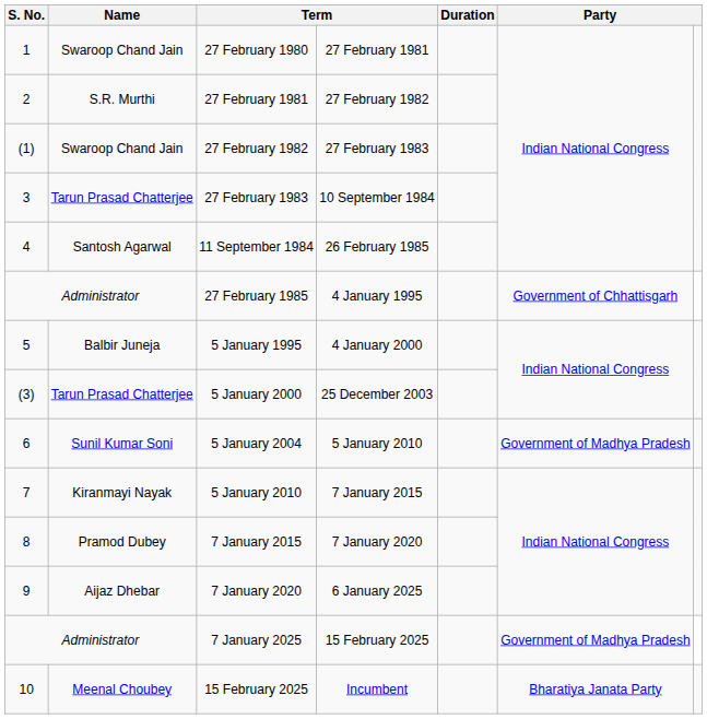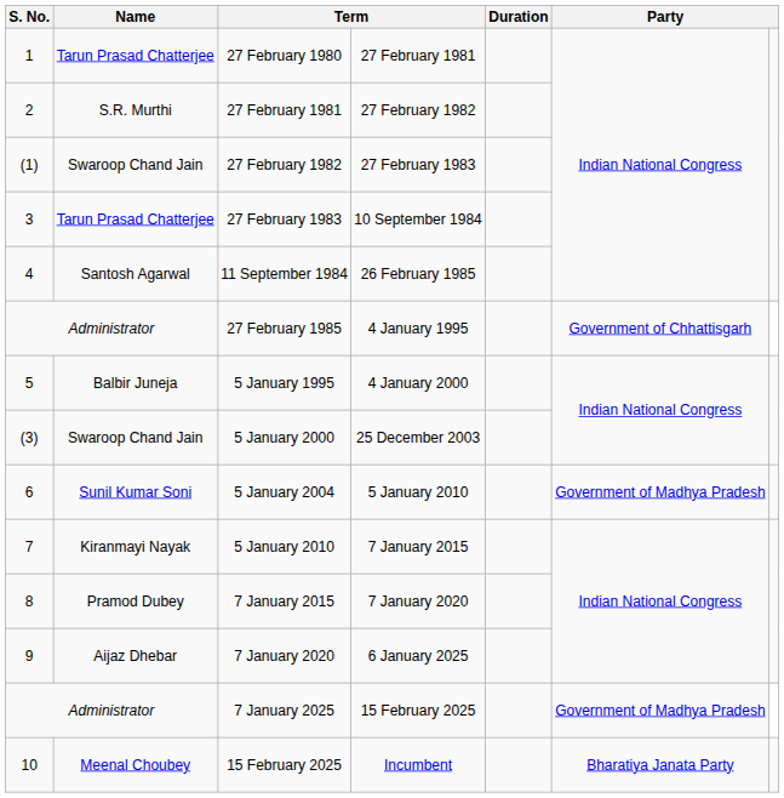 <table class="wikitable sortable">
 <tr>
 <th scope="col">S. No.</th>
 <th colspan=1>Name</th>
 <th colspan=2>Term</th>
 <th colspan=1>Duration</th>
 <th colspan=2>Party</th>
 </tr>
 <tr style="text-align:center; height:60px;">
 <td>1</td>
-<td>Swaroop Chand Jain</td>
+<td><a href='#'>Tarun Prasad Chatterjee</a></td>
 <td>27 February 1980</td>
 <td>27 February 1981</td>
 <td></td>
 <td rowspan=5><a href='#'>Indian National Congress</a></td>
 <td rowspan=5 width="4px" style="background-color: "></td>
 </tr>
 <tr style="text-align:center; height:60px;">
 <td>2</td>
 <td>S.R. Murthi</td>
 <td>27 February 1981</td>
 <td>27 February 1982</td>
 <td></td>
 </tr>
 <tr style="text-align:center; height:60px;">
 <td>(1)</td>
 <td>Swaroop Chand Jain</td>
 <td>27 February 1982</td>
 <td>27 February 1983</td>
 <td></td>
 </tr>
 <tr style="text-align:center; height:60px;">
 <td>3</td>
 <td><a href='#'>Tarun Prasad Chatterjee</a></td>
 <td>27 February 1983</td>
 <td>10 September 1984</td>
 <td></td>
 </tr>
 <tr style="text-align:center; height:60px;">
 <td>4</td>
 <td>Santosh Agarwal</td>
 <td>11 September 1984</td>
 <td>26 February 1985</td>
 <td></td>
 </tr>
 <tr style="text-align:center; height:60px;">
 <td colspan=2><em>Administrator</em></td>
 <td>27 February 1985</td>
 <td>4 January 1995</td>
 <td></td>
 <td><a href='#'>Government of Chhattisgarh</a></td>
 <td style="background-color: white"></td>
 </tr>
 <tr style="text-align:center; height:60px;">
 <td>5</td>
 <td>Balbir Juneja</td>
 <td>5 January 1995</td>
 <td>4 January 2000</td>
 <td></td>
 <td rowspan=2><a href='#'>Indian National Congress</a></td>
 <td rowspan=2 width="4px" style="background-color: "></td>
 </tr>
 <tr style="text-align:center; height:60px;">
 <td>(3)</td>
-<td><a href='#'>Tarun Prasad Chatterjee</a></td>
+<td>Swaroop Chand Jain</td>
 <td>5 January 2000</td>
 <td>25 December 2003</td>
 <td></td>
 </tr>
 <tr style="text-align:center; height:60px;">
 <td>6</td>
 <td><a href='#'>Sunil Kumar Soni</a></td>
 <td>5 January 2004</td>
 <td>5 January 2010</td>
 <td></td>
 <td><a href='#'>Government of Madhya Pradesh</a></td>
 <td width="4px" style="background-color: "></td>
 </tr>
 <tr style="text-align:center; height:60px;">
 <td>7</td>
 <td>Kiranmayi Nayak</td>
 <td>5 January 2010</td>
 <td>7 January 2015</td>
 <td></td>
 <td rowspan=3><a href='#'>Indian National Congress</a></td>
 <td rowspan=3 width="4px" style="background-color: "></td>
 </tr>
 <tr style="text-align:center; height:60px;">
 <td>8</td>
 <td>Pramod Dubey</td>
 <td>7 January 2015</td>
 <td>7 January 2020</td>
 <td></td>
 </tr>
 <tr style="text-align:center; height:60px;">
 <td>9</td>
 <td>Aijaz Dhebar</td>
 <td>7 January 2020</td>
 <td>6 January 2025</td>
 <td></td>
 </tr>
 <tr style="text-align:center; height:60px;">
 <td colspan=2><em>Administrator</em></td>
 <td>7 January 2025</td>
 <td>15 February 2025</td>
 <td></td>
 <td><a href='#'>Government of Madhya Pradesh</a></td>
 <td style="background-color: white"></td>
 </tr>
 <tr style="text-align:center; height:60px;">
 <td>10</td>
 <td><a href='#'>Meenal Choubey</a></td>
 <td>15 February 2025</td>
 <td><a href='#'>Incumbent</a></td>
 <td></td>
 <td><a href='#'>Bharatiya Janata Party</a></td>
 <td width="4px" style="background-color: "></td>
 </tr>
 </table>
